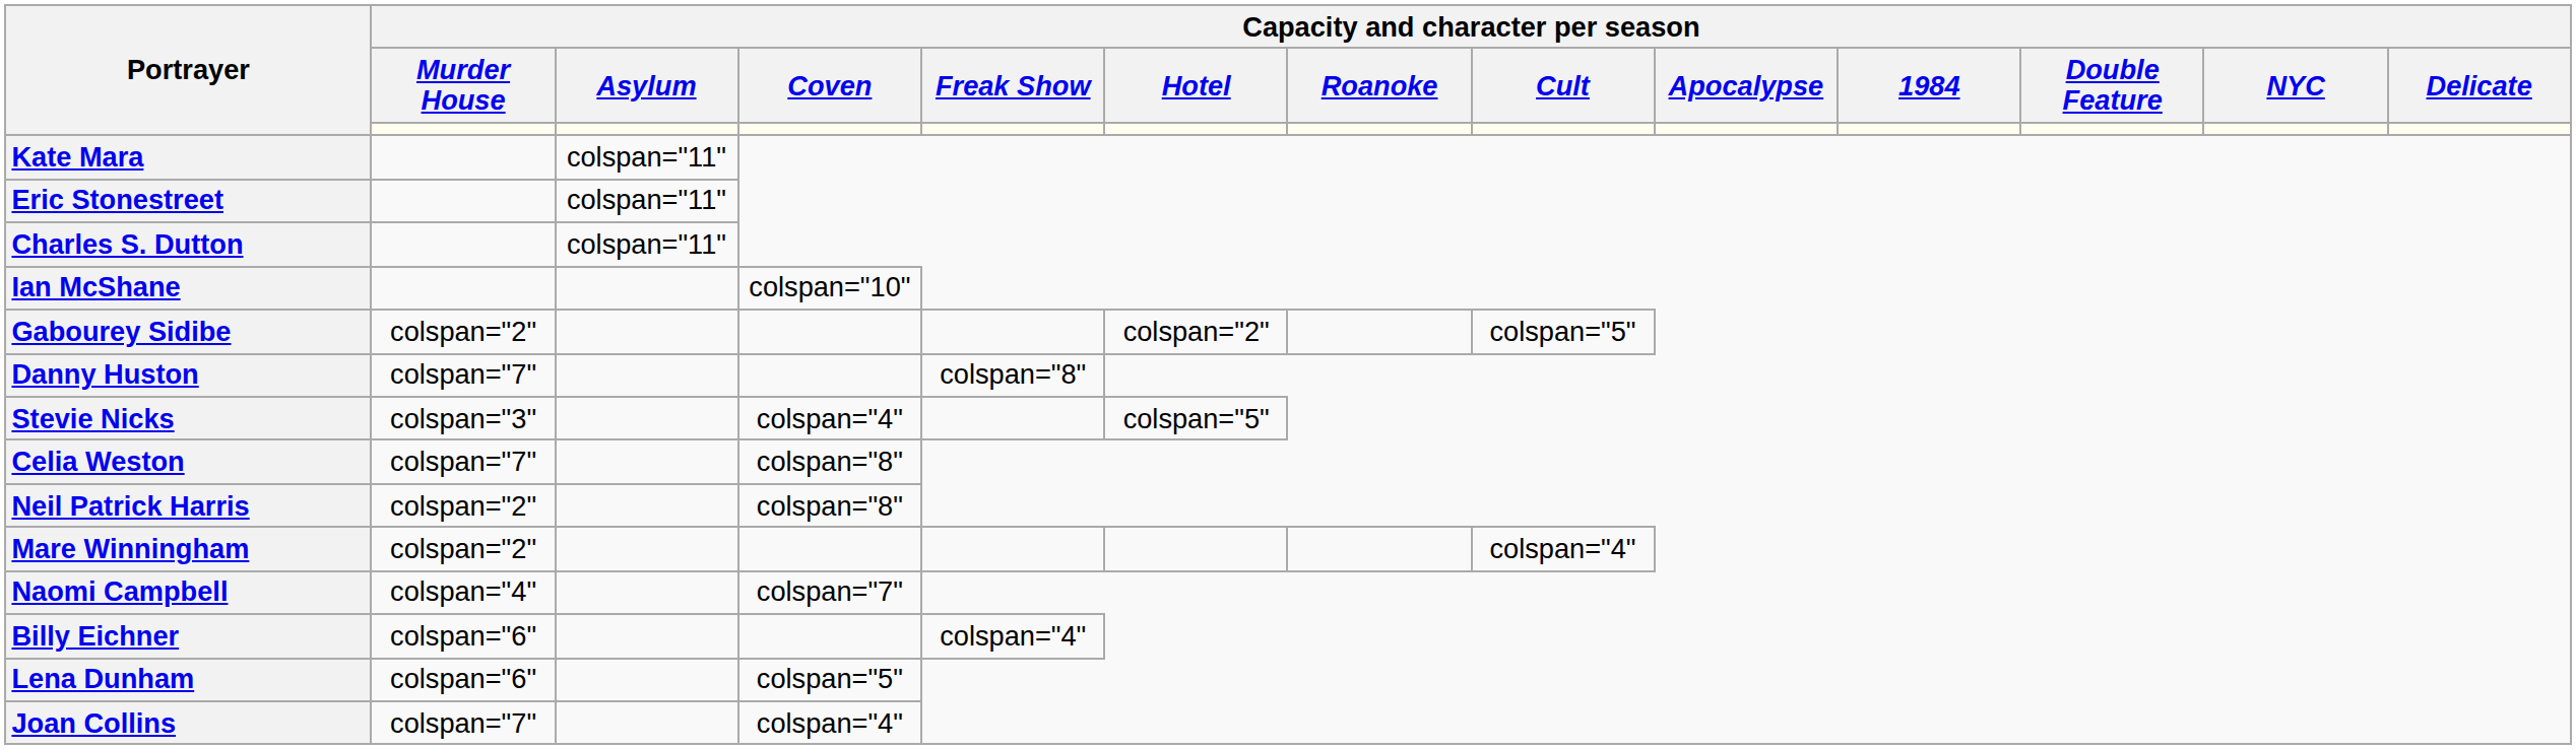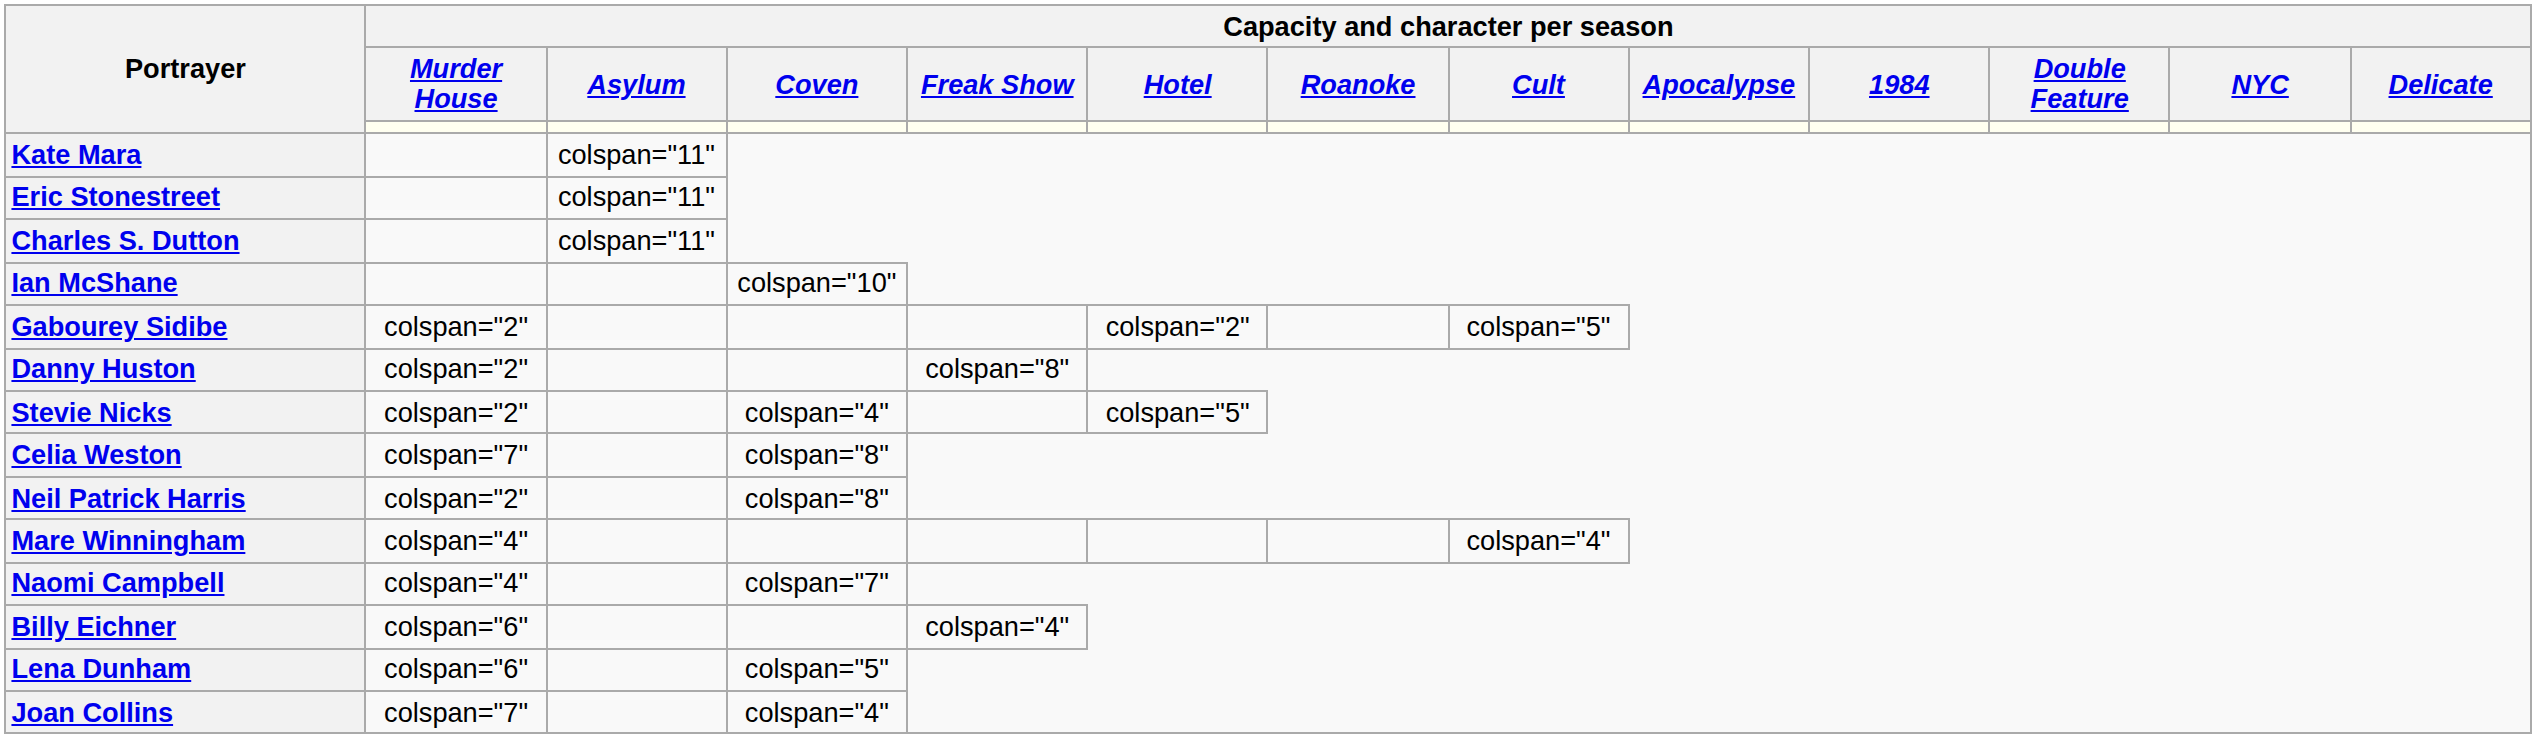 <table class="wikitable plainrowheaders" style="text-align:center; width:100%; font-size:85%;">
 <tr>
 <th rowspan="3" scope="col" width="14%">Portrayer</th>
 <th colspan="13" scope="col">Capacity and character per season</th>
 </tr>
 <tr>
 <th scope="col" style="width: 7%"><em><a href='#'>Murder House</a></em></th>
 <th scope="col" style="width: 7%"><em><a href='#'>Asylum</a></em></th>
 <th scope="col" style="width: 7%"><em><a href='#'>Coven</a></em></th>
 <th scope="col" style="width: 7%"><em><a href='#'>Freak Show</a></em></th>
 <th scope="col" style="width: 7%"><em><a href='#'>Hotel</a></em></th>
 <th scope="col" style="width: 7%"><em><a href='#'>Roanoke</a></em></th>
 <th scope="col" style="width: 7%"><em><a href='#'>Cult</a></em></th>
 <th scope="col" style="width: 7%"><em><a href='#'>Apocalypse</a></em></th>
 <th scope="col" style="width: 7%"><em><a href='#'>1984</a></em></th>
 <th scope="col" style="width: 7%"><em><a href='#'>Double Feature</a></em></th>
 <th scope="col" style="width: 7%"><em><a href='#'>NYC</a></em></th>
 <th scope="col" style="width: 7%"><em><a href='#'>Delicate</a></em></th>
 </tr>
 <tr>
 <td style="background:ivory;"></td>
 <td style="background:ivory;"></td>
 <td style="background:ivory;"></td>
 <td style="background:ivory;"></td>
 <td style="background:ivory;"></td>
 <td style="background:ivory;"></td>
 <td style="background:ivory;"></td>
 <td style="background:ivory;"></td>
 <td style="background:ivory;"></td>
 <td style="background:ivory;"></td>
 <td style="background:ivory;"></td>
 <td style="background:ivory;"></td>
 </tr>
 <tr>
 <th scope="row" style="text-align:left"><a href='#'>Kate Mara</a></th>
 <td></td>
 <td>colspan="11" </td>
 </tr>
 <tr>
 <th scope="row" style="text-align:left"><a href='#'>Eric Stonestreet</a></th>
 <td></td>
 <td>colspan="11" </td>
 </tr>
 <tr>
 <th scope="row" style="text-align:left"><a href='#'>Charles S. Dutton</a></th>
 <td></td>
 <td>colspan="11" </td>
 </tr>
 <tr>
 <th scope="row" style="text-align:left"><a href='#'>Ian McShane</a></th>
 <td></td>
 <td></td>
 <td>colspan="10" </td>
 </tr>
 <tr>
 <th scope="row" style="text-align:left"><a href='#'>Gabourey Sidibe</a></th>
 <td>colspan="2" </td>
 <td></td>
 <td></td>
 <td></td>
 <td>colspan="2" </td>
 <td></td>
 <td>colspan="5" </td>
 </tr>
 <tr>
 <th scope="row" style="text-align:left"><a href='#'>Danny Huston</a></th>
-<td>colspan="7" </td>
+<td>colspan="2" </td>
 <td></td>
 <td></td>
 <td>colspan="8" </td>
 </tr>
 <tr>
 <th scope="row" style="text-align:left"><a href='#'>Stevie Nicks</a></th>
-<td>colspan="3" </td>
+<td>colspan="2" </td>
 <td></td>
 <td>colspan="4" </td>
 <td></td>
 <td>colspan="5" </td>
 </tr>
 <tr>
 <th scope="row" style="text-align:left"><a href='#'>Celia Weston</a></th>
 <td>colspan="7" </td>
 <td></td>
 <td>colspan="8" </td>
 </tr>
 <tr>
 <th scope="row" style="text-align:left"><a href='#'>Neil Patrick Harris</a></th>
 <td>colspan="2" </td>
 <td></td>
 <td>colspan="8" </td>
 </tr>
 <tr>
 <th scope="row" style="text-align:left"><a href='#'>Mare Winningham</a></th>
-<td>colspan="2" </td>
+<td>colspan="4" </td>
 <td></td>
 <td></td>
 <td></td>
 <td></td>
 <td></td>
 <td>colspan="4" </td>
 </tr>
 <tr>
 <th scope="row" style="text-align:left"><a href='#'>Naomi Campbell</a></th>
 <td>colspan="4" </td>
 <td></td>
 <td>colspan="7" </td>
 </tr>
 <tr>
 <th scope="row" style="text-align:left"><a href='#'>Billy Eichner</a></th>
 <td>colspan="6" </td>
 <td></td>
 <td></td>
 <td>colspan="4" </td>
 </tr>
 <tr>
 <th scope="row" style="text-align:left"><a href='#'>Lena Dunham</a></th>
 <td>colspan="6" </td>
 <td></td>
 <td>colspan="5" </td>
 </tr>
 <tr>
 <th scope="row" style="text-align:left"><a href='#'>Joan Collins</a></th>
 <td>colspan="7" </td>
 <td></td>
 <td>colspan="4" </td>
 </tr>
 </table>
